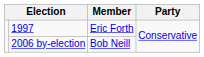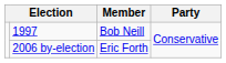 <table class="wikitable">
 <tr>
 <th colspan="2">Election</th>
 <th>Member</th>
 <th>Party</th>
 </tr>
 <tr>
 <td rowspan=2 style="color:inherit;background-color: "></td>
 <td><a href='#'>1997</a></td>
-<td><a href='#'>Eric Forth</a></td>
+<td><a href='#'>Bob Neill</a></td>
 <td rowspan=2><a href='#'>Conservative</a></td>
 </tr>
 <tr>
 <td><a href='#'>2006 by-election</a></td>
-<td><a href='#'>Bob Neill</a></td>
+<td><a href='#'>Eric Forth</a></td>
 </tr>
 </table>
